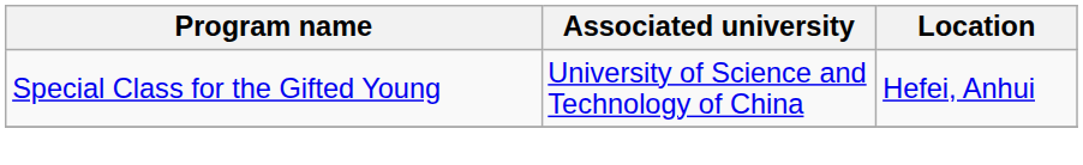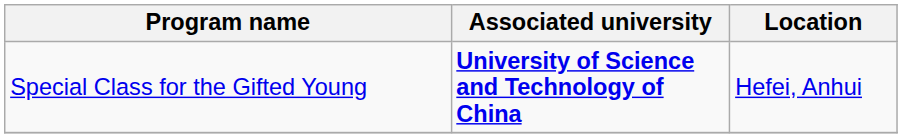 <table class = "wikitable">
 <tr>
 <th width=40%>Program name</th>
 <th width=25%>Associated university</th>
 <th width=15%>Location</th>
 </tr>
 <tr>
 <td><a href='#'>Special Class for the Gifted Young</a></td>
-<td><a href='#'>University of Science and Technology of China</a></td>
+<td><strong><a href='#'>University of Science and Technology of China</a></strong></td>
 <td><a href='#'>Hefei, Anhui</a></td>
 </tr>
 <tr>
 </tr>
 </table>
